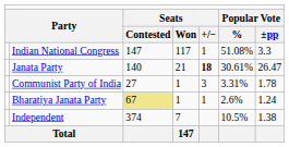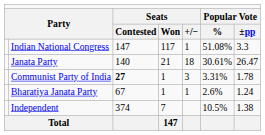 <table class="wikitable">
 <tr>
 <td colspan="7"></td>
 </tr>
 <tr>
 <th colspan="2" rowspan="2">Party</th>
 <th colspan="3">Seats</th>
 <th colspan="2">Popular Vote</th>
 </tr>
 <tr>
 <th>Contested</th>
 <th>Won</th>
 <th><strong>+/−</strong></th>
 <th>%</th>
 <th>±<a href='#'>pp</a></th>
 </tr>
 <tr>
 <td style="background-color: "></td>
 <td><a href='#'>Indian National Congress</a></td>
 <td>147</td>
 <td>117</td>
 <td>1</td>
 <td>51.08%</td>
 <td>3.3</td>
 </tr>
 <tr>
 <td style="background-color: "></td>
 <td><a href='#'>Janata Party</a></td>
 <td>140</td>
 <td>21</td>
-<td><strong>18</strong></td>
+<td>18</td>
 <td>30.61%</td>
 <td>26.47</td>
 </tr>
 <tr>
 <td style="background-color: "></td>
 <td><a href='#'>Communist Party of India</a></td>
-<td>27</td>
+<td><strong>27</strong></td>
 <td>1</td>
 <td>3</td>
 <td>3.31%</td>
 <td>1.78</td>
 </tr>
 <tr>
 <td style="background-color: "></td>
 <td><a href='#'>Bharatiya Janata Party</a></td>
-<td style="background: khaki;">67</td>
+<td>67</td>
 <td>1</td>
 <td>1</td>
 <td>2.6%</td>
 <td>1.24</td>
 </tr>
 <tr>
 <td style="background-color: "></td>
 <td><a href='#'>Independent</a></td>
 <td>374</td>
 <td>7</td>
 <td></td>
 <td>10.5%</td>
 <td>1.38</td>
 </tr>
 <tr>
 <th colspan="2">Total</th>
 <th></th>
 <th>147</th>
 <th></th>
 <th></th>
 <th></th>
 </tr>
 </table>
